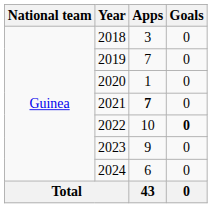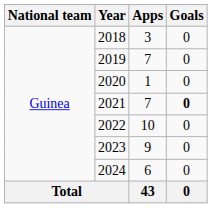 <table class=wikitable style=text-align:center>
 <tr>
 <th>National team</th>
 <th>Year</th>
 <th>Apps</th>
 <th>Goals</th>
 </tr>
 <tr>
 <td rowspan="7"><a href='#'>Guinea</a></td>
 <td>2018</td>
 <td>3</td>
 <td>0</td>
 </tr>
 <tr>
 <td>2019</td>
 <td>7</td>
 <td>0</td>
 </tr>
 <tr>
 <td>2020</td>
 <td>1</td>
 <td>0</td>
 </tr>
 <tr>
 <td>2021</td>
-<td><strong>7</strong></td>
-<td>0</td>
+<td>7</td>
+<td><strong>0</strong></td>
 </tr>
 <tr>
 <td>2022</td>
 <td>10</td>
-<td><strong>0</strong></td>
+<td>0</td>
 </tr>
 <tr>
 <td>2023</td>
 <td>9</td>
 <td>0</td>
 </tr>
 <tr>
 <td>2024</td>
 <td>6</td>
 <td>0</td>
 </tr>
 <tr>
 <th colspan="2">Total</th>
 <th>43</th>
 <th>0</th>
 </tr>
 </table>
